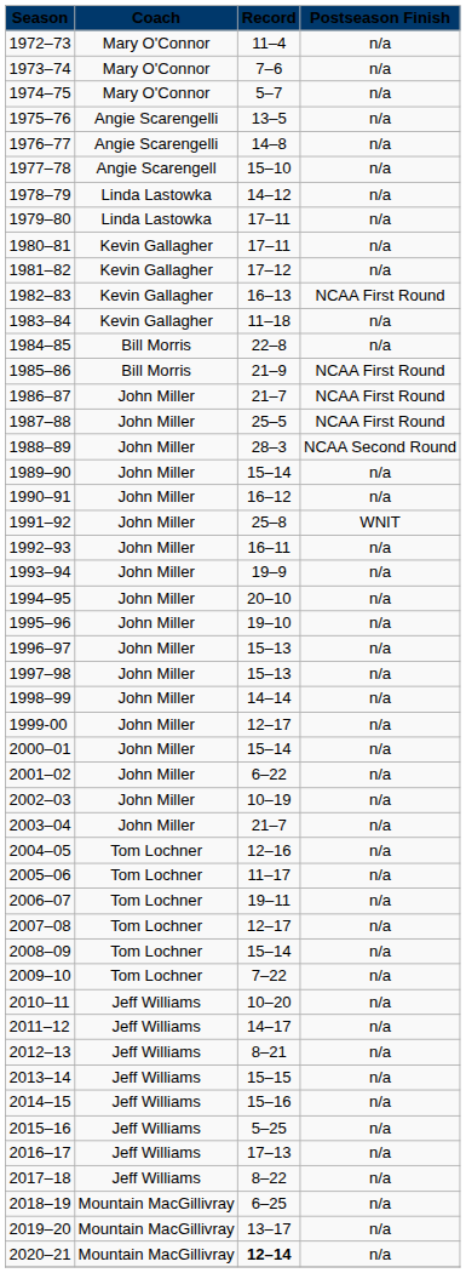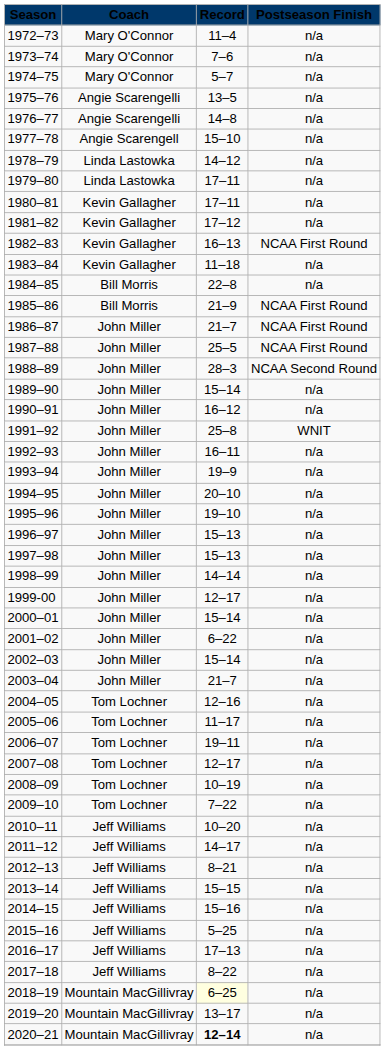 <table class="wikitable" style="text-align:center">
 <tr bgcolor="#00386B">
 <td><span><strong>Season</strong></span></td>
 <td><span><strong>Coach</strong></span></td>
 <td><span><strong>Record</strong></span></td>
 <td><span><strong>Postseason Finish</strong></span></td>
 </tr>
 <tr>
 <td style="text-align:left">1972–73</td>
 <td>Mary O'Connor</td>
 <td>11–4</td>
 <td>n/a</td>
 </tr>
 <tr>
 <td style="text-align:left">1973–74</td>
 <td>Mary O'Connor</td>
 <td>7–6</td>
 <td>n/a</td>
 </tr>
 <tr>
 <td style="text-align:left">1974–75</td>
 <td>Mary O'Connor</td>
 <td>5–7</td>
 <td>n/a</td>
 </tr>
 <tr>
 <td style="text-align:left">1975–76</td>
 <td>Angie Scarengelli</td>
 <td>13–5</td>
 <td>n/a</td>
 </tr>
 <tr>
 <td style="text-align:left">1976–77</td>
 <td>Angie Scarengelli</td>
 <td>14–8</td>
 <td>n/a</td>
 </tr>
 <tr>
 <td style="text-align:left">1977–78</td>
 <td>Angie Scarengell</td>
 <td>15–10</td>
 <td>n/a</td>
 </tr>
 <tr>
 <td style="text-align:left">1978–79</td>
 <td>Linda Lastowka</td>
 <td>14–12</td>
 <td>n/a</td>
 </tr>
 <tr>
 <td style="text-align:left">1979–80</td>
 <td>Linda Lastowka</td>
 <td>17–11</td>
 <td>n/a</td>
 </tr>
 <tr>
 <td style="text-align:left">1980–81</td>
 <td>Kevin Gallagher</td>
 <td>17–11</td>
 <td>n/a</td>
 </tr>
 <tr>
 <td style="text-align:left">1981–82</td>
 <td>Kevin Gallagher</td>
 <td>17–12</td>
 <td>n/a</td>
 </tr>
 <tr>
 <td style="text-align:left">1982–83</td>
 <td>Kevin Gallagher</td>
 <td>16–13</td>
 <td>NCAA First Round</td>
 </tr>
 <tr>
 <td style="text-align:left">1983–84</td>
 <td>Kevin Gallagher</td>
 <td>11–18</td>
 <td>n/a</td>
 </tr>
 <tr>
 <td style="text-align:left">1984–85</td>
 <td>Bill Morris</td>
 <td>22–8</td>
 <td>n/a</td>
 </tr>
 <tr>
 <td style="text-align:left">1985–86</td>
 <td>Bill Morris</td>
 <td>21–9</td>
 <td>NCAA First Round</td>
 </tr>
 <tr>
 <td style="text-align:left">1986–87</td>
 <td>John Miller</td>
 <td>21–7</td>
 <td>NCAA First Round</td>
 </tr>
 <tr>
 <td style="text-align:left">1987–88</td>
 <td>John Miller</td>
 <td>25–5</td>
 <td>NCAA First Round</td>
 </tr>
 <tr>
 <td style="text-align:left">1988–89</td>
 <td>John Miller</td>
 <td>28–3</td>
 <td>NCAA Second Round</td>
 </tr>
 <tr>
 <td style="text-align:left">1989–90</td>
 <td>John Miller</td>
 <td>15–14</td>
 <td>n/a</td>
 </tr>
 <tr>
 <td style="text-align:left">1990–91</td>
 <td>John Miller</td>
 <td>16–12</td>
 <td>n/a</td>
 </tr>
 <tr>
 <td style="text-align:left">1991–92</td>
 <td>John Miller</td>
 <td>25–8</td>
 <td>WNIT</td>
 </tr>
 <tr>
 <td style="text-align:left">1992–93</td>
 <td>John Miller</td>
 <td>16–11</td>
 <td>n/a</td>
 </tr>
 <tr>
 <td style="text-align:left">1993–94</td>
 <td>John Miller</td>
 <td>19–9</td>
 <td>n/a</td>
 </tr>
 <tr>
 <td style="text-align:left">1994–95</td>
 <td>John Miller</td>
 <td>20–10</td>
 <td>n/a</td>
 </tr>
 <tr>
 <td style="text-align:left">1995–96</td>
 <td>John Miller</td>
 <td>19–10</td>
 <td>n/a</td>
 </tr>
 <tr>
 <td style="text-align:left">1996–97</td>
 <td>John Miller</td>
 <td>15–13</td>
 <td>n/a</td>
 </tr>
 <tr>
 <td style="text-align:left">1997–98</td>
 <td>John Miller</td>
 <td>15–13</td>
 <td>n/a</td>
 </tr>
 <tr>
 <td style="text-align:left">1998–99</td>
 <td>John Miller</td>
 <td>14–14</td>
 <td>n/a</td>
 </tr>
 <tr>
 <td style="text-align:left">1999-00</td>
 <td>John Miller</td>
 <td>12–17</td>
 <td>n/a</td>
 </tr>
 <tr>
 <td style="text-align:left">2000–01</td>
 <td>John Miller</td>
 <td>15–14</td>
 <td>n/a</td>
 </tr>
 <tr>
 <td style="text-align:left">2001–02</td>
 <td>John Miller</td>
 <td>6–22</td>
 <td>n/a</td>
 </tr>
 <tr>
 <td style="text-align:left">2002–03</td>
 <td>John Miller</td>
-<td>10–19</td>
+<td>15–14</td>
 <td>n/a</td>
 </tr>
 <tr>
 <td style="text-align:left">2003–04</td>
 <td>John Miller</td>
 <td>21–7</td>
 <td>n/a</td>
 </tr>
 <tr>
 <td style="text-align:left">2004–05</td>
 <td>Tom Lochner</td>
 <td>12–16</td>
 <td>n/a</td>
 </tr>
 <tr>
 <td style="text-align:left">2005–06</td>
 <td>Tom Lochner</td>
 <td>11–17</td>
 <td>n/a</td>
 </tr>
 <tr>
 <td style="text-align:left">2006–07</td>
 <td>Tom Lochner</td>
 <td>19–11</td>
 <td>n/a</td>
 </tr>
 <tr>
 <td style="text-align:left">2007–08</td>
 <td>Tom Lochner</td>
 <td>12–17</td>
 <td>n/a</td>
 </tr>
 <tr>
 <td style="text-align:left">2008–09</td>
 <td>Tom Lochner</td>
-<td>15–14</td>
+<td>10–19</td>
 <td>n/a</td>
 </tr>
 <tr>
 <td style="text-align:left">2009–10</td>
 <td>Tom Lochner</td>
 <td>7–22</td>
 <td>n/a</td>
 </tr>
 <tr>
 <td style="text-align:left">2010–11</td>
 <td>Jeff Williams</td>
 <td>10–20</td>
 <td>n/a</td>
 </tr>
 <tr>
 <td style="text-align:left">2011–12</td>
 <td>Jeff Williams</td>
 <td>14–17</td>
 <td>n/a</td>
 </tr>
 <tr>
 <td style="text-align:left">2012–13</td>
 <td>Jeff Williams</td>
 <td>8–21</td>
 <td>n/a</td>
 </tr>
 <tr>
 <td style="text-align:left">2013–14</td>
 <td>Jeff Williams</td>
 <td>15–15</td>
 <td>n/a</td>
 </tr>
 <tr>
 <td style="text-align:left">2014–15</td>
 <td>Jeff Williams</td>
 <td>15–16</td>
 <td>n/a</td>
 </tr>
 <tr>
 <td style="text-align:left">2015–16</td>
 <td>Jeff Williams</td>
 <td>5–25</td>
 <td>n/a</td>
 </tr>
 <tr>
 <td>2016–17</td>
 <td>Jeff Williams</td>
 <td>17–13</td>
 <td>n/a</td>
 </tr>
 <tr>
 <td>2017–18</td>
 <td>Jeff Williams</td>
 <td>8–22</td>
 <td>n/a</td>
 </tr>
 <tr>
 <td>2018–19</td>
 <td>Mountain MacGillivray</td>
-<td>6–25</td>
+<td style="background: lightyellow;">6–25</td>
 <td>n/a</td>
 </tr>
 <tr>
 <td>2019–20</td>
 <td>Mountain MacGillivray</td>
 <td>13–17</td>
 <td>n/a</td>
 </tr>
 <tr>
 <td>2020–21</td>
 <td>Mountain MacGillivray</td>
 <td><strong>12–14</strong></td>
 <td>n/a</td>
 </tr>
 <tr>
 </tr>
 <tr align="center">
 </tr>
 </table>
